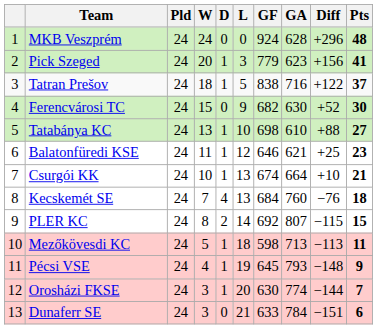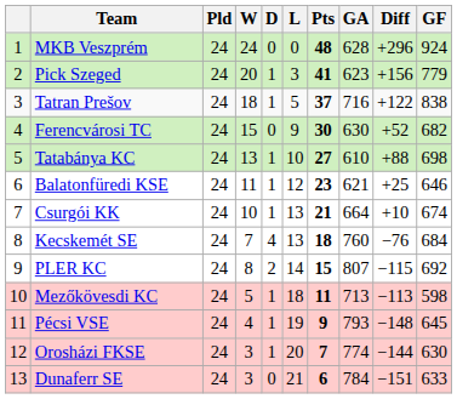 <table class="wikitable sortable" style="text-align:center">
 <tr>
 <th></th>
 <th width="150">Team</th>
 <th>Pld</th>
 <th>W</th>
 <th>D</th>
 <th>L</th>
-<th>GF</th>
+<th>Pts</th>
 <th>GA</th>
 <th>Diff</th>
-<th>Pts</th>
+<th>GF</th>
 </tr>
 <tr style="background: #D0F0C0;">
 <td>1</td>
 <td align=left><a href='#'>MKB Veszprém</a></td>
 <td>24</td>
 <td>24</td>
 <td>0</td>
 <td>0</td>
-<td>924</td>
+<td><strong>48</strong></td>
 <td>628</td>
 <td>+296</td>
-<td><strong>48</strong></td>
+<td>924</td>
 </tr>
 <tr style="background: #D0F0C0;">
 <td>2</td>
 <td align=left><a href='#'>Pick Szeged</a></td>
 <td>24</td>
 <td>20</td>
 <td>1</td>
 <td>3</td>
-<td>779</td>
+<td><strong>41</strong></td>
 <td>623</td>
 <td>+156</td>
-<td><strong>41</strong></td>
+<td>779</td>
 </tr>
 <tr style="background:">
 <td>3</td>
 <td align=left> <a href='#'>Tatran Prešov</a></td>
 <td>24</td>
 <td>18</td>
 <td>1</td>
 <td>5</td>
-<td>838</td>
+<td><strong>37</strong></td>
 <td>716</td>
 <td>+122</td>
-<td><strong>37</strong></td>
+<td>838</td>
 </tr>
 <tr style="background: #D0F0C0;">
 <td>4</td>
 <td align=left><a href='#'>Ferencvárosi TC</a></td>
 <td>24</td>
 <td>15</td>
 <td>0</td>
 <td>9</td>
-<td>682</td>
+<td><strong>30</strong></td>
 <td>630</td>
 <td>+52</td>
-<td><strong>30</strong></td>
+<td>682</td>
 </tr>
 <tr style="background: #D0F0C0;">
 <td>5</td>
 <td align=left><a href='#'>Tatabánya KC</a></td>
 <td>24</td>
 <td>13</td>
 <td>1</td>
 <td>10</td>
-<td>698</td>
+<td><strong>27</strong></td>
 <td>610</td>
 <td>+88</td>
-<td><strong>27</strong></td>
+<td>698</td>
 </tr>
 <tr style="background: #FFFFFF;">
 <td>6</td>
 <td align=left><a href='#'>Balatonfüredi KSE</a></td>
 <td>24</td>
 <td>11</td>
 <td>1</td>
 <td>12</td>
-<td>646</td>
+<td><strong>23</strong></td>
 <td>621</td>
 <td>+25</td>
-<td><strong>23</strong></td>
+<td>646</td>
 </tr>
 <tr style="background: #FFFFFF;">
 <td>7</td>
 <td align=left><a href='#'>Csurgói KK</a></td>
 <td>24</td>
 <td>10</td>
 <td>1</td>
 <td>13</td>
-<td>674</td>
+<td><strong>21</strong></td>
 <td>664</td>
 <td>+10</td>
-<td><strong>21</strong></td>
+<td>674</td>
 </tr>
 <tr style="background: #FFFFFF;">
 <td>8</td>
 <td align=left><a href='#'>Kecskemét SE</a></td>
 <td>24</td>
 <td>7</td>
 <td>4</td>
 <td>13</td>
-<td>684</td>
+<td><strong>18</strong></td>
 <td>760</td>
 <td>−76</td>
-<td><strong>18</strong></td>
+<td>684</td>
 </tr>
 <tr style="background: #FFFFFF;">
 <td>9</td>
 <td align=left><a href='#'>PLER KC</a></td>
 <td>24</td>
 <td>8</td>
 <td>2</td>
 <td>14</td>
-<td>692</td>
+<td><strong>15</strong></td>
 <td>807</td>
 <td>−115</td>
-<td><strong>15</strong></td>
+<td>692</td>
 </tr>
 <tr style="background: #FFCCCC;">
 <td>10</td>
 <td align=left><a href='#'>Mezőkövesdi KC</a></td>
 <td>24</td>
 <td>5</td>
 <td>1</td>
 <td>18</td>
-<td>598</td>
+<td><strong>11</strong></td>
 <td>713</td>
 <td>−113</td>
-<td><strong>11</strong></td>
+<td>598</td>
 </tr>
 <tr style="background: #FFCCCC;">
 <td>11</td>
 <td align=left><a href='#'>Pécsi VSE</a></td>
 <td>24</td>
 <td>4</td>
 <td>1</td>
 <td>19</td>
-<td>645</td>
+<td><strong>9</strong></td>
 <td>793</td>
 <td>−148</td>
-<td><strong>9</strong></td>
+<td>645</td>
 </tr>
 <tr style="background: #FFCCCC;">
 <td>12</td>
 <td align=left><a href='#'>Orosházi FKSE</a></td>
 <td>24</td>
 <td>3</td>
 <td>1</td>
 <td>20</td>
-<td>630</td>
+<td><strong>7</strong></td>
 <td>774</td>
 <td>−144</td>
-<td><strong>7</strong></td>
+<td>630</td>
 </tr>
 <tr style="background: #FFCCCC;">
 <td>13</td>
 <td align=left><a href='#'>Dunaferr SE</a></td>
 <td>24</td>
 <td>3</td>
 <td>0</td>
 <td>21</td>
-<td>633</td>
+<td><strong>6</strong></td>
 <td>784</td>
 <td>−151</td>
-<td><strong>6</strong></td>
+<td>633</td>
 </tr>
 </table>
